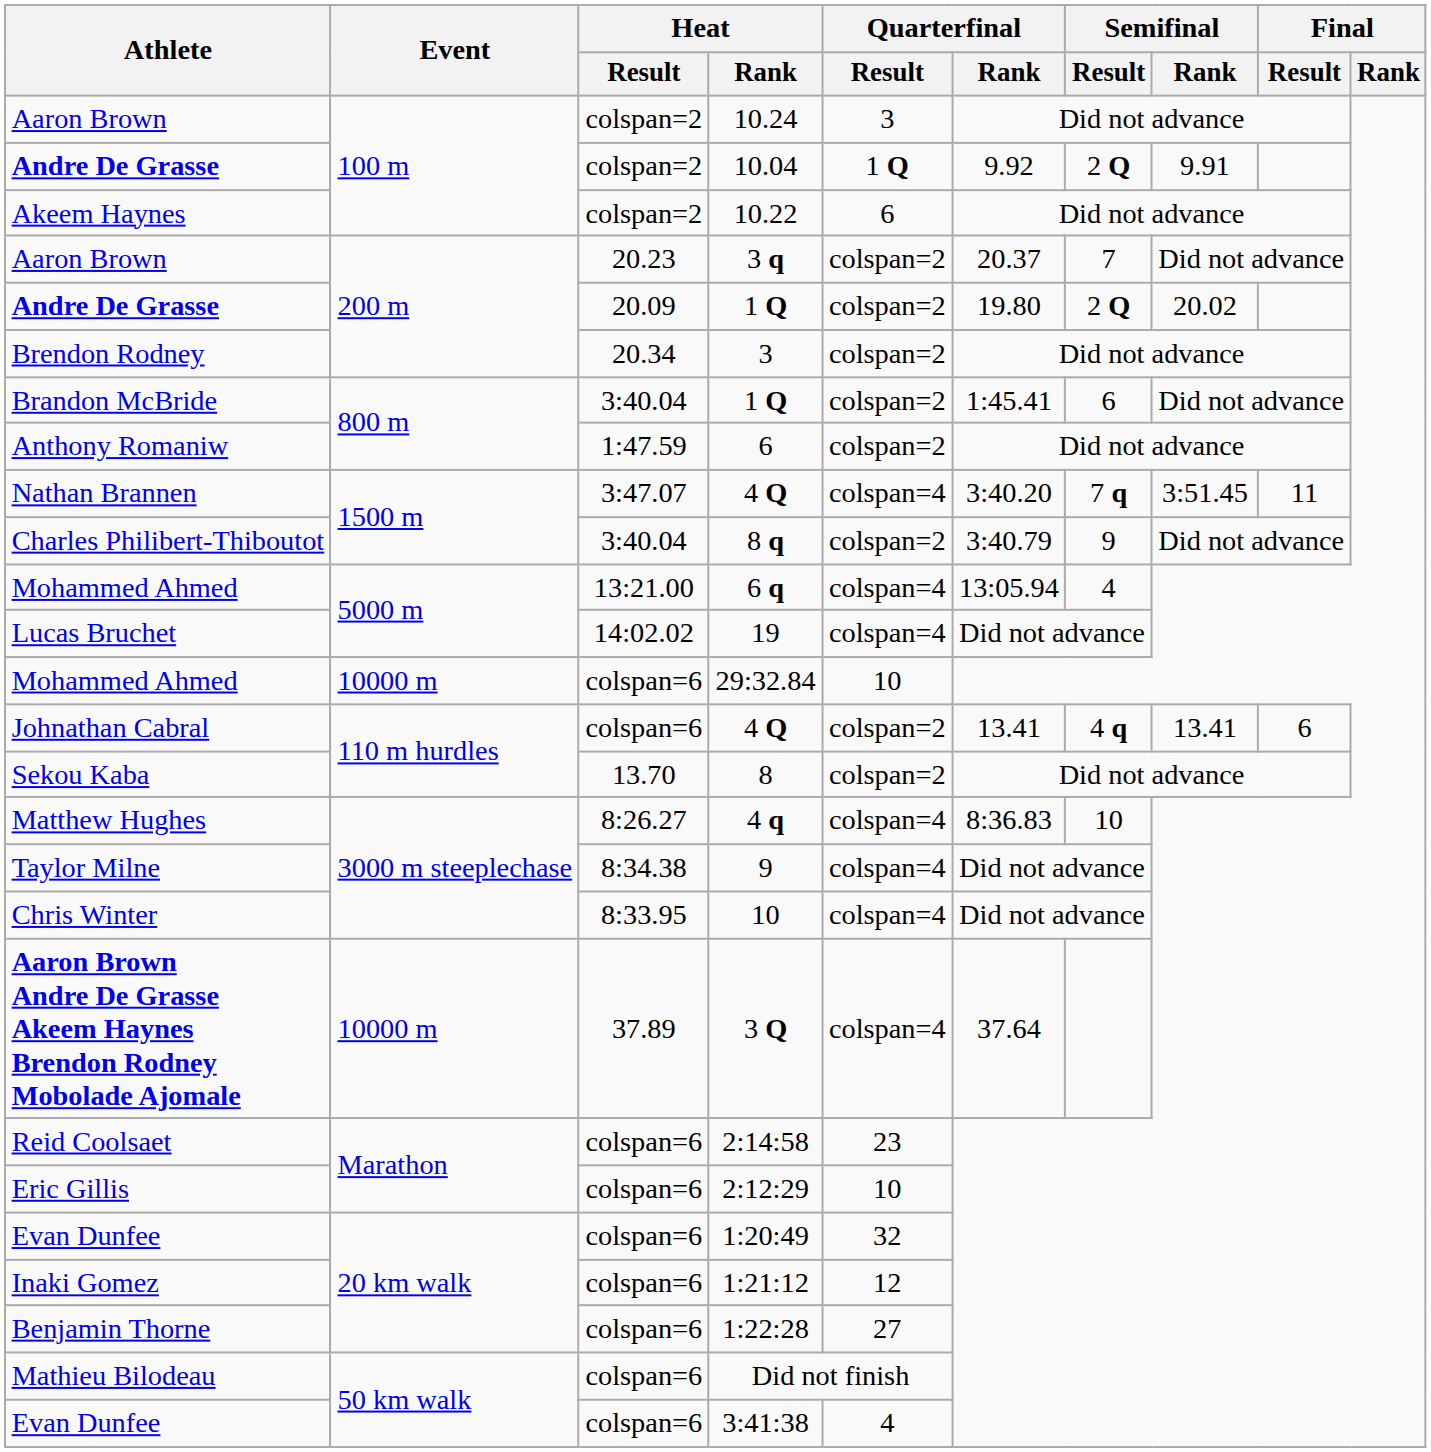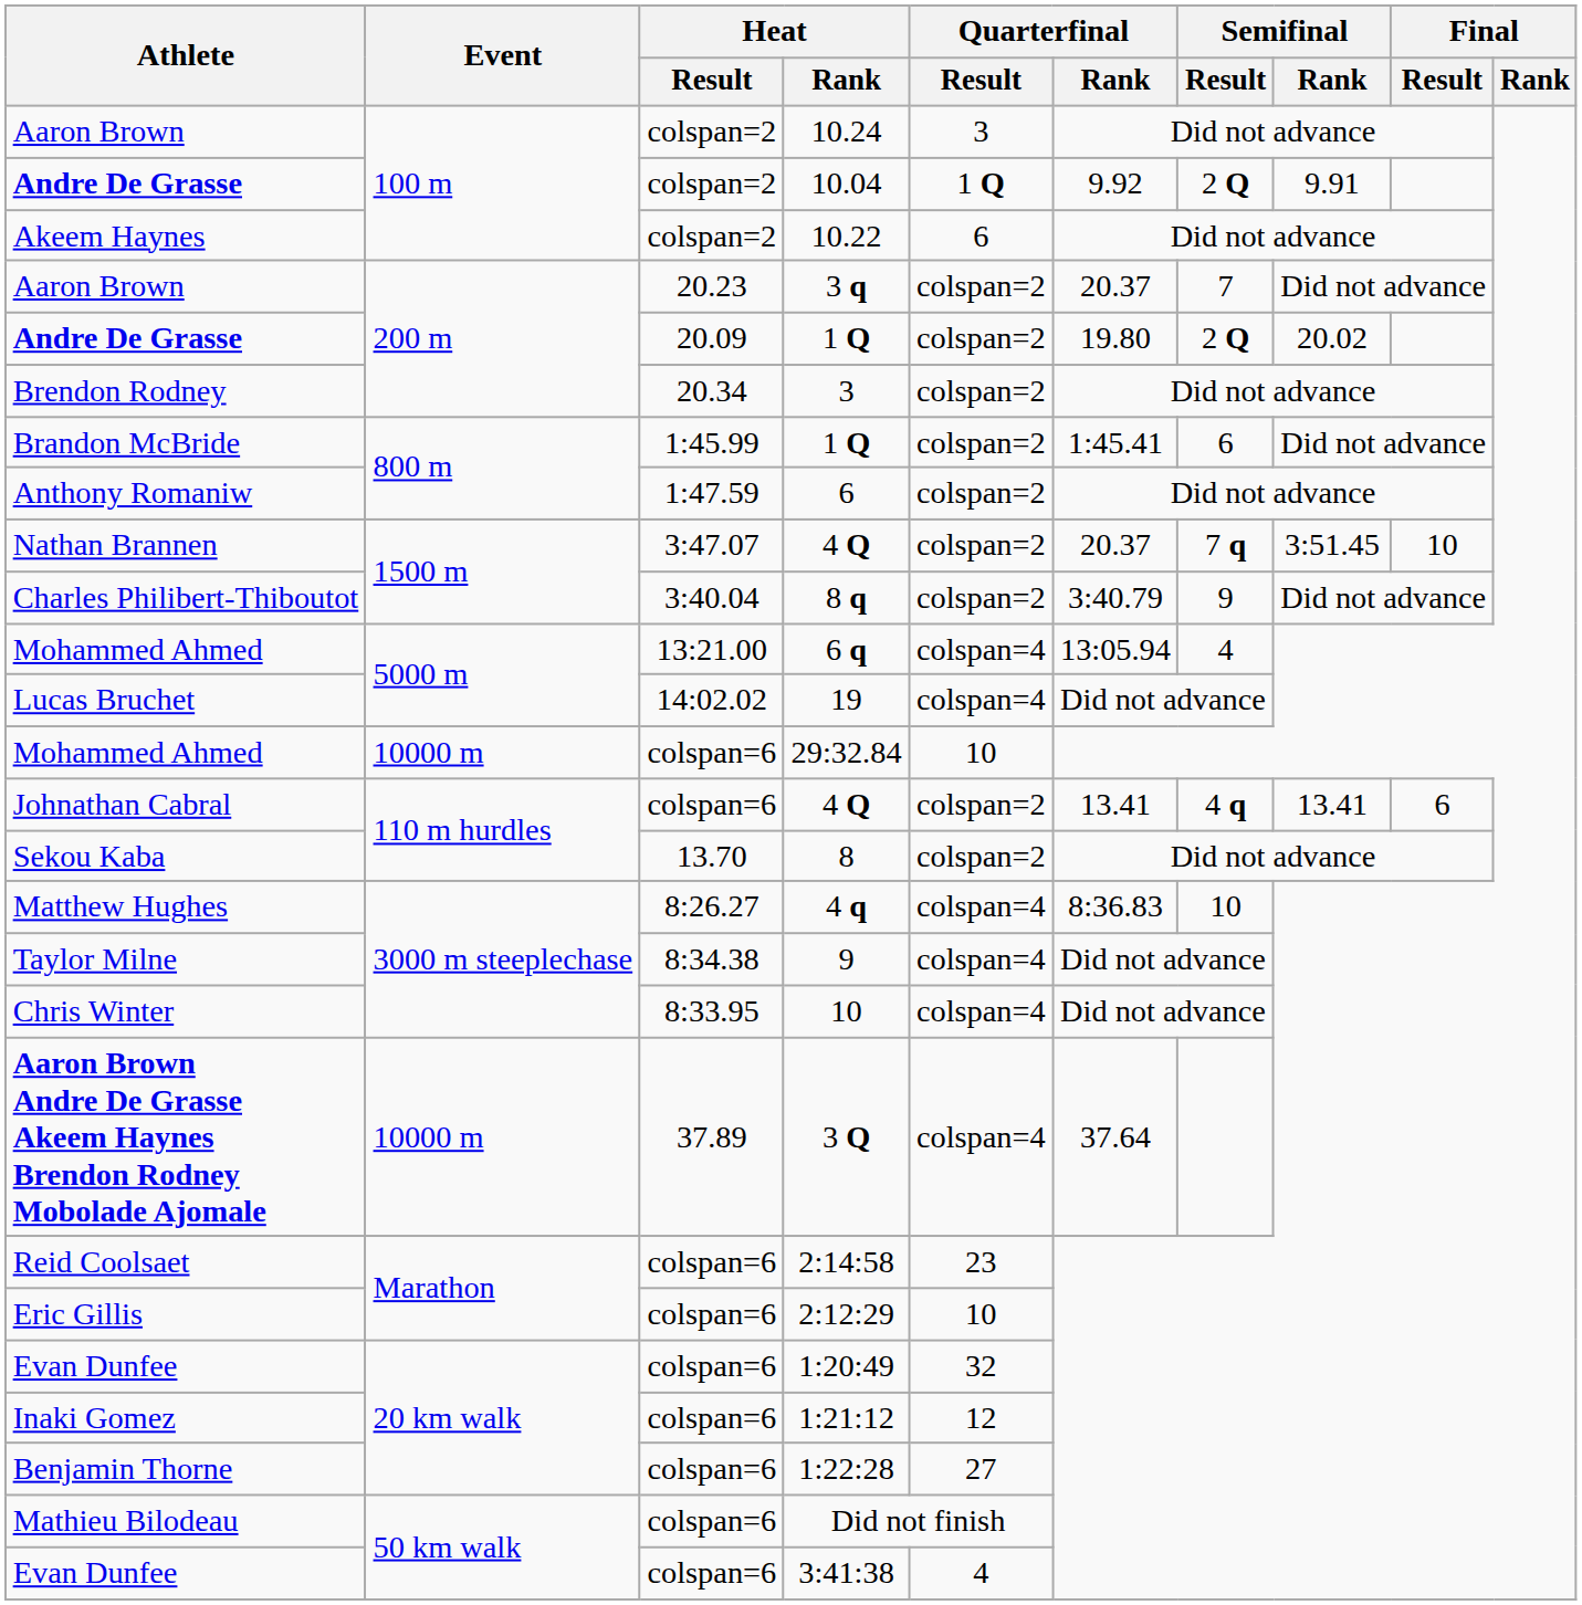 <table class="wikitable" style="font-size:90%">
 <tr>
 <th rowspan="2">Athlete</th>
 <th rowspan="2">Event</th>
 <th colspan="2">Heat</th>
 <th colspan="2">Quarterfinal</th>
 <th colspan="2">Semifinal</th>
 <th colspan="2">Final</th>
 </tr>
 <tr style="font-size:95%">
 <th>Result</th>
 <th>Rank</th>
 <th>Result</th>
 <th>Rank</th>
 <th>Result</th>
 <th>Rank</th>
 <th>Result</th>
 <th>Rank</th>
 </tr>
 <tr align=center>
 <td align=left><a href='#'>Aaron Brown</a></td>
 <td align=left rowspan=3><a href='#'>100 m</a></td>
 <td>colspan=2 </td>
 <td>10.24</td>
 <td>3</td>
 <td colspan=4>Did not advance</td>
 </tr>
 <tr align=center>
 <td align=left><strong><a href='#'>Andre De Grasse</a></strong></td>
 <td>colspan=2 </td>
 <td>10.04</td>
 <td>1 <strong>Q</strong></td>
 <td>9.92</td>
 <td>2 <strong>Q</strong></td>
 <td>9.91</td>
 <td></td>
 </tr>
 <tr align=center>
 <td align=left><a href='#'>Akeem Haynes</a></td>
 <td>colspan=2 </td>
 <td>10.22</td>
 <td>6</td>
 <td colspan=4>Did not advance</td>
 </tr>
 <tr align=center>
 <td align=left><a href='#'>Aaron Brown</a></td>
 <td align=left rowspan=3><a href='#'>200 m</a></td>
 <td>20.23</td>
 <td>3 <strong>q</strong></td>
 <td>colspan=2 </td>
 <td>20.37</td>
 <td>7</td>
 <td colspan=2>Did not advance</td>
 </tr>
 <tr align=center>
 <td align=left><strong><a href='#'>Andre De Grasse</a></strong></td>
 <td>20.09</td>
 <td>1 <strong>Q</strong></td>
 <td>colspan=2 </td>
 <td>19.80 <strong></strong></td>
 <td>2 <strong>Q</strong></td>
 <td>20.02</td>
 <td></td>
 </tr>
 <tr align=center>
 <td align=left><a href='#'>Brendon Rodney</a></td>
 <td>20.34</td>
 <td>3</td>
 <td>colspan=2 </td>
 <td colspan=4>Did not advance</td>
 </tr>
 <tr align=center>
 <td align=left><a href='#'>Brandon McBride</a></td>
 <td align=left rowspan=2><a href='#'>800 m</a></td>
-<td>3:40.04</td>
+<td>1:45.99</td>
 <td>1 <strong>Q</strong></td>
 <td>colspan=2 </td>
 <td>1:45.41</td>
 <td>6</td>
 <td colspan=2>Did not advance</td>
 </tr>
 <tr align=center>
 <td align=left><a href='#'>Anthony Romaniw</a></td>
 <td>1:47.59</td>
 <td>6</td>
 <td>colspan=2 </td>
 <td colspan="4">Did not advance</td>
 </tr>
 <tr align=center>
 <td align=left><a href='#'>Nathan Brannen</a></td>
 <td align=left rowspan=2><a href='#'>1500 m</a></td>
 <td>3:47.07</td>
 <td>4 <strong>Q</strong></td>
-<td>colspan=4 </td>
-<td>3:40.20</td>
+<td>colspan=2 </td>
+<td>20.37</td>
 <td>7 <strong>q</strong></td>
 <td>3:51.45</td>
-<td>11</td>
+<td>10</td>
 </tr>
 <tr align=center>
 <td align=left><a href='#'>Charles Philibert-Thiboutot</a></td>
 <td>3:40.04</td>
 <td>8 <strong>q</strong></td>
 <td>colspan=2 </td>
 <td>3:40.79</td>
 <td>9</td>
 <td colspan=2>Did not advance</td>
 </tr>
 <tr align=center>
 <td align=left><a href='#'>Mohammed Ahmed</a></td>
 <td align=left rowspan=2><a href='#'>5000 m</a></td>
 <td>13:21.00</td>
 <td>6 <strong>q</strong></td>
 <td>colspan=4 </td>
 <td>13:05.94</td>
 <td>4</td>
 </tr>
 <tr align=center>
 <td align=left><a href='#'>Lucas Bruchet</a></td>
 <td>14:02.02</td>
 <td>19</td>
 <td>colspan=4 </td>
 <td colspan=2>Did not advance</td>
 </tr>
 <tr align=center>
 <td align=left><a href='#'>Mohammed Ahmed</a></td>
 <td align=left><a href='#'>10000 m</a></td>
 <td>colspan=6 </td>
 <td>29:32.84</td>
 <td>10</td>
 </tr>
 <tr align=center>
 <td align=left><a href='#'>Johnathan Cabral</a></td>
 <td align=left rowspan=2><a href='#'>110 m hurdles</a></td>
 <td>colspan=6 </td>
 <td>4 <strong>Q</strong></td>
 <td>colspan=2 </td>
 <td>13.41</td>
 <td>4 <strong>q</strong></td>
 <td>13.41</td>
 <td>6</td>
 </tr>
 <tr align=center>
 <td align=left><a href='#'>Sekou Kaba</a></td>
 <td>13.70</td>
 <td>8</td>
 <td>colspan=2 </td>
 <td colspan=4>Did not advance</td>
 </tr>
 <tr align=center>
 <td align=left><a href='#'>Matthew Hughes</a></td>
 <td align=left rowspan=3><a href='#'>3000 m steeplechase</a></td>
 <td>8:26.27</td>
 <td>4 <strong>q</strong></td>
 <td>colspan=4 </td>
 <td>8:36.83</td>
 <td>10</td>
 </tr>
 <tr align=center>
 <td align=left><a href='#'>Taylor Milne</a></td>
 <td>8:34.38</td>
 <td>9</td>
 <td>colspan=4 </td>
 <td colspan=2>Did not advance</td>
 </tr>
 <tr align=center>
 <td align=left><a href='#'>Chris Winter</a></td>
 <td>8:33.95</td>
 <td>10</td>
 <td>colspan=4 </td>
 <td colspan=2>Did not advance</td>
 </tr>
 <tr align=center>
 <td align=left><strong><a href='#'>Aaron Brown</a><br><a href='#'>Andre De Grasse</a><br><a href='#'>Akeem Haynes</a><br><a href='#'>Brendon Rodney</a><br><a href='#'>Mobolade Ajomale</a></strong></td>
 <td align=left><a href='#'>10000 m</a></td>
 <td>37.89</td>
 <td>3 <strong>Q</strong></td>
 <td>colspan=4 </td>
 <td>37.64 <strong></strong></td>
 <td></td>
 </tr>
 <tr align=center>
 <td align=left><a href='#'>Reid Coolsaet</a></td>
 <td align=left rowspan=2><a href='#'>Marathon</a></td>
 <td>colspan=6 </td>
 <td>2:14:58</td>
 <td>23</td>
 </tr>
 <tr align=center>
 <td align=left><a href='#'>Eric Gillis</a></td>
 <td>colspan=6 </td>
 <td>2:12:29</td>
 <td>10</td>
 </tr>
 <tr align=center>
 <td align=left><a href='#'>Evan Dunfee</a></td>
 <td align=left rowspan=3><a href='#'>20 km walk</a></td>
 <td>colspan=6 </td>
 <td>1:20:49</td>
 <td>32</td>
 </tr>
 <tr align=center>
 <td align=left><a href='#'>Inaki Gomez</a></td>
 <td>colspan=6 </td>
 <td>1:21:12</td>
 <td>12</td>
 </tr>
 <tr align=center>
 <td align=left><a href='#'>Benjamin Thorne</a></td>
 <td>colspan=6 </td>
 <td>1:22:28</td>
 <td>27</td>
 </tr>
 <tr align=center>
 <td align=left><a href='#'>Mathieu Bilodeau</a></td>
 <td align=left rowspan=2><a href='#'>50 km walk</a></td>
 <td>colspan=6 </td>
 <td colspan=2>Did not finish</td>
 </tr>
 <tr align=center>
 <td align=left><a href='#'>Evan Dunfee</a></td>
 <td>colspan=6 </td>
 <td>3:41:38 <strong></strong></td>
 <td>4</td>
 </tr>
 </table>
